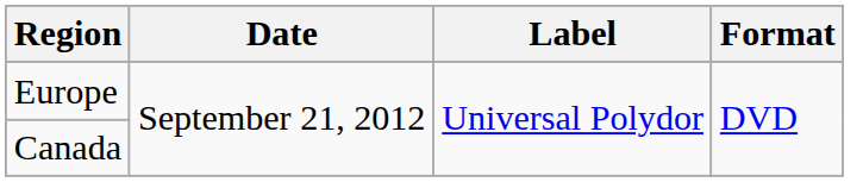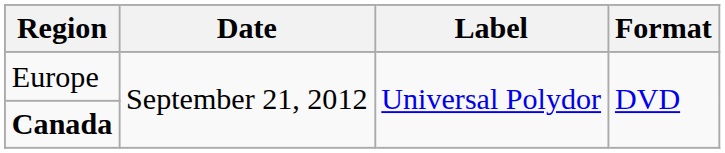 <table class="wikitable">
 <tr>
 <th>Region</th>
 <th>Date</th>
 <th>Label</th>
 <th>Format</th>
 </tr>
 <tr>
 <td rowspan="1">Europe</td>
 <td rowspan="2">September 21, 2012</td>
 <td rowspan="2"><a href='#'>Universal Polydor</a></td>
 <td rowspan="2"><a href='#'>DVD</a></td>
 </tr>
 <tr>
-<td rowspan="1">Canada</td>
+<td rowspan="1"><strong>Canada</strong></td>
 </tr>
 </table>
